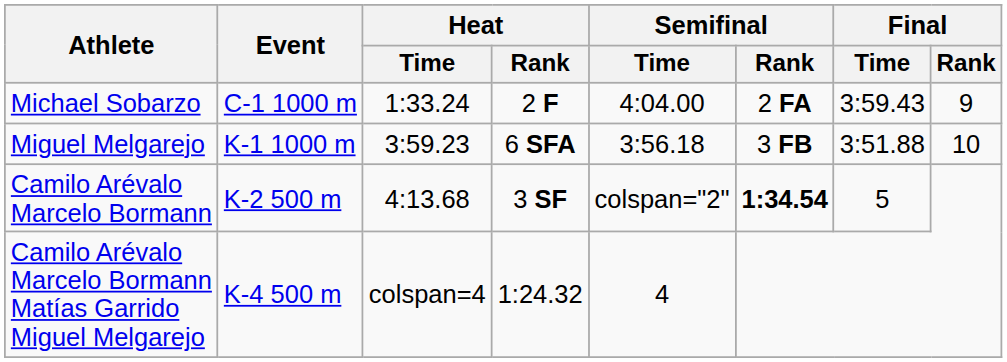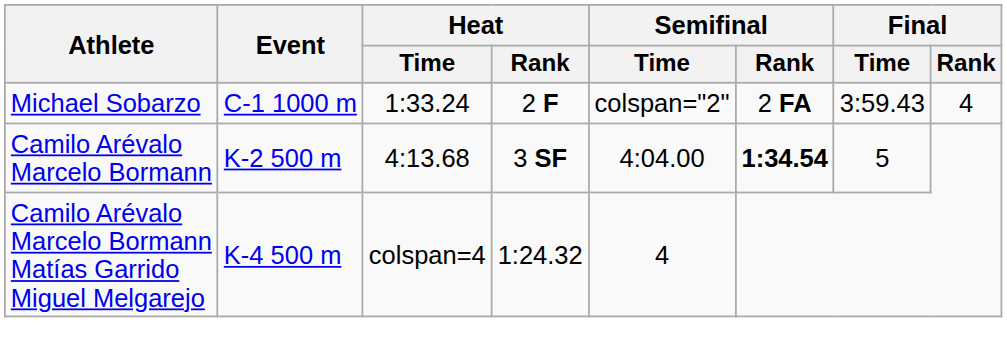 <table class=wikitable style=font-size:90%;text-align:center>
 <tr>
 <th rowspan=2>Athlete</th>
 <th rowspan=2>Event</th>
 <th colspan=2>Heat</th>
 <th colspan=2>Semifinal</th>
 <th colspan=2>Final</th>
 </tr>
 <tr style=font-size:95%>
 <th>Time</th>
 <th>Rank</th>
 <th>Time</th>
 <th>Rank</th>
 <th>Time</th>
 <th>Rank</th>
 </tr>
 <tr>
 <td style="text-align:left"><a href='#'>Michael Sobarzo</a></td>
 <td style="text-align:left"><a href='#'>C-1 1000 m</a></td>
 <td>1:33.24</td>
 <td>2 <strong>F</strong></td>
-<td>4:04.00</td>
+<td>colspan="2" </td>
 <td>2 <strong>FA</strong></td>
 <td>3:59.43</td>
-<td>9</td>
-</tr>
-<tr>
-<td style="text-align:left"><a href='#'>Miguel Melgarejo</a></td>
-<td style="text-align:left"><a href='#'>K-1 1000 m</a></td>
-<td>3:59.23</td>
-<td>6 <strong>SFA</strong></td>
-<td>3:56.18</td>
-<td>3 <strong>FB</strong></td>
-<td>3:51.88</td>
-<td>10</td>
+<td>4</td>
 </tr>
 <tr>
 <td style="text-align:left"><a href='#'>Camilo Arévalo</a><br><a href='#'>Marcelo Bormann</a></td>
 <td style="text-align:left"><a href='#'>K-2 500 m</a></td>
 <td>4:13.68</td>
 <td>3 <strong>SF</strong></td>
-<td>colspan="2" </td>
+<td>4:04.00</td>
 <td><strong>1:34.54</strong></td>
 <td>5</td>
 </tr>
 <tr>
 <td style="text-align:left"><a href='#'>Camilo Arévalo</a><br><a href='#'>Marcelo Bormann</a><br><a href='#'>Matías Garrido</a><br><a href='#'>Miguel Melgarejo</a></td>
 <td style="text-align:left"><a href='#'>K-4 500 m</a></td>
 <td>colspan=4 </td>
 <td>1:24.32</td>
 <td>4</td>
 </tr>
 </table>
